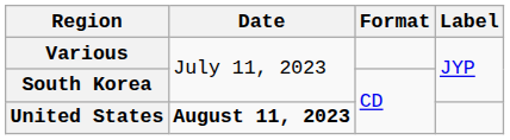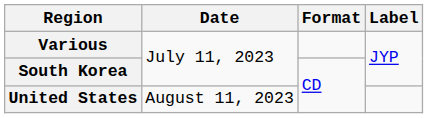 <table class="wikitable plainrowheaders">
 <tr>
 <th scope="col">Region</th>
 <th scope="col">Date</th>
 <th scope="col">Format</th>
 <th scope="col">Label</th>
 </tr>
 <tr>
 <th scope="row">Various </th>
 <td rowspan="2">July 11, 2023</td>
 <td></td>
 <td rowspan="2"><a href='#'>JYP</a></td>
 </tr>
 <tr>
 <th scope="row">South Korea</th>
 <td rowspan="2"><a href='#'>CD</a></td>
 </tr>
 <tr>
 <th scope="row">United States</th>
-<td><strong>August 11, 2023</strong></td>
+<td>August 11, 2023</td>
 <td></td>
 </tr>
 </table>
